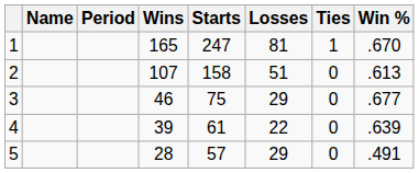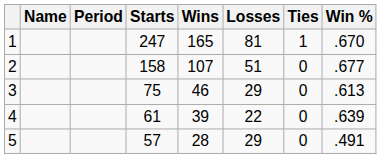 <table class="wikitable sortable" style="text-align: center;">
 <tr>
 <th></th>
 <th>Name</th>
 <th>Period</th>
+<th>Starts</th>
 <th>Wins</th>
-<th>Starts</th>
 <th>Losses</th>
 <th>Ties</th>
 <th>Win %</th>
 </tr>
 <tr>
 <td style="text-align:right;">1</td>
 <td style="text-align:left"></td>
 <td></td>
+<td>247</td>
 <td>165</td>
-<td>247</td>
 <td>81</td>
 <td>1</td>
 <td>.670</td>
 </tr>
 <tr>
 <td style="text-align:right;">2</td>
 <td style="text-align:left"></td>
 <td></td>
+<td>158</td>
 <td>107</td>
-<td>158</td>
 <td>51</td>
 <td>0</td>
-<td>.613</td>
+<td>.677</td>
 </tr>
 <tr>
 <td style="text-align:right;">3</td>
 <td style="text-align:left"></td>
 <td></td>
+<td>75</td>
 <td>46</td>
-<td>75</td>
 <td>29</td>
 <td>0</td>
-<td>.677</td>
+<td>.613</td>
 </tr>
 <tr>
 <td style="text-align:right;">4</td>
 <td style="text-align:left"></td>
 <td></td>
+<td>61</td>
 <td>39</td>
-<td>61</td>
 <td>22</td>
 <td>0</td>
 <td>.639</td>
 </tr>
 <tr>
 <td style="text-align:right;">5</td>
 <td style="text-align:left"></td>
 <td></td>
+<td>57</td>
 <td>28</td>
-<td>57</td>
 <td>29</td>
 <td>0</td>
 <td>.491</td>
 </tr>
 </table>
